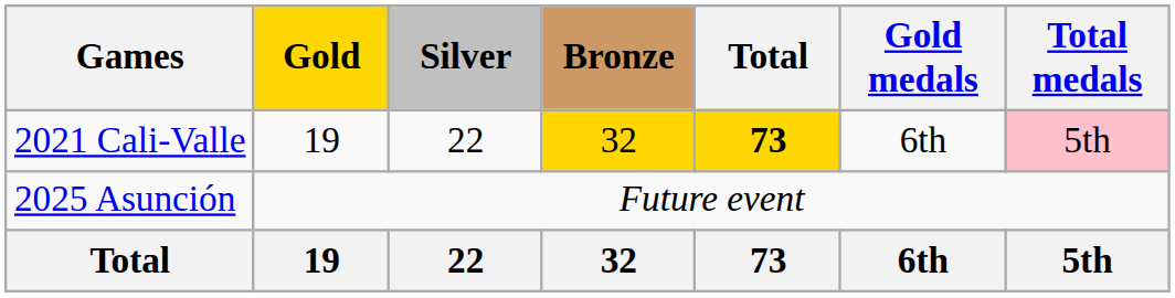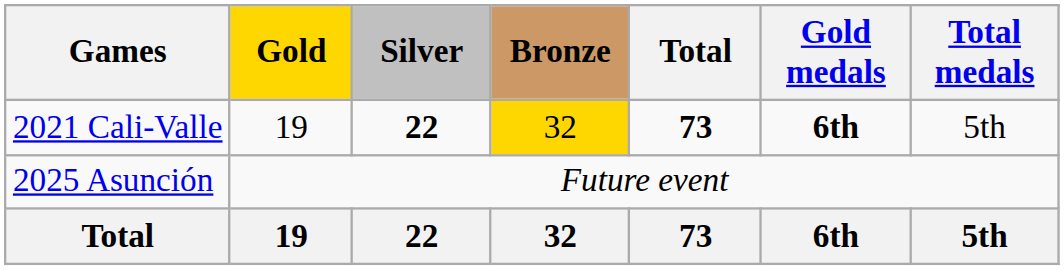 <table class="wikitable" style="text-align:center; font-size:90%;">
 <tr>
 <th>Games</th>
 <td style="background:gold; width:3.2em; font-weight:bold;">Gold</td>
 <td style="background:silver; width:3.7em; font-weight:bold;">Silver</td>
 <td style="background:#c96; width:3.7em; font-weight:bold;">Bronze</td>
 <th style="width:3.5em; font-weight:bold;">Total</th>
 <th style="width:4em; font-weight:bold;"><a href='#'>Gold medals</a></th>
 <th style="width:4em; font-weight:bold;"><a href='#'>Total medals</a></th>
 </tr>
 <tr>
 <td align=left> <a href='#'>2021 Cali-Valle</a></td>
 <td>19</td>
-<td>22</td>
+<td><strong>22</strong></td>
 <td style="background: gold;">32</td>
-<td style="background: gold;"><strong>73</strong></td>
-<td>6th</td>
-<td style="background: pink;">5th</td>
+<td><strong>73</strong></td>
+<td><strong>6th</strong></td>
+<td>5th</td>
 </tr>
 <tr>
 <td align=left> <a href='#'>2025 Asunción</a></td>
 <td colspan="6"><em>Future event</em></td>
 </tr>
 <tr>
 <th>Total</th>
 <th>19</th>
 <th>22</th>
 <th>32</th>
 <th>73</th>
 <th>6th</th>
 <th>5th</th>
 </tr>
 </table>
